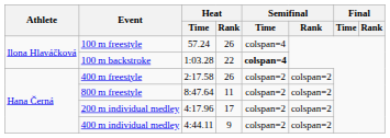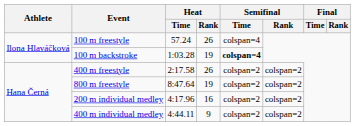 <table class=wikitable style=font-size:90%;text-align:center>
 <tr>
 <th rowspan=2>Athlete</th>
 <th rowspan=2>Event</th>
 <th colspan=2>Heat</th>
 <th colspan=2>Semifinal</th>
 <th colspan=2>Final</th>
 </tr>
 <tr style=font-size:95%>
 <th>Time</th>
 <th>Rank</th>
 <th>Time</th>
 <th>Rank</th>
 <th>Time</th>
 <th>Rank</th>
 </tr>
 <tr>
 <td align=left rowspan=2><a href='#'>Ilona Hlaváčková</a></td>
 <td align=left><a href='#'>100 m freestyle</a></td>
 <td>57.24</td>
 <td>26</td>
 <td>colspan=4 </td>
 </tr>
 <tr>
 <td align=left><a href='#'>100 m backstroke</a></td>
 <td>1:03.28</td>
-<td>22</td>
+<td>19</td>
 <td><strong>colspan=4 </strong></td>
 </tr>
 <tr>
 <td align=left rowspan=4><a href='#'>Hana Černá</a></td>
 <td align=left><a href='#'>400 m freestyle</a></td>
 <td>2:17.58</td>
 <td>26</td>
 <td>colspan=2 </td>
 <td>colspan=2 </td>
 </tr>
 <tr>
 <td align=left><a href='#'>800 m freestyle</a></td>
 <td>8:47.64</td>
-<td>11</td>
+<td>19</td>
 <td>colspan=2 </td>
 <td>colspan=2 </td>
 </tr>
 <tr>
 <td align=left><a href='#'>200 m individual medley</a></td>
 <td>4:17.96</td>
-<td>17</td>
+<td>16</td>
 <td>colspan=2 </td>
 <td>colspan=2 </td>
 </tr>
 <tr>
 <td align=left><a href='#'>400 m individual medley</a></td>
 <td>4:44.11</td>
 <td>9</td>
 <td>colspan=2 </td>
 <td>colspan=2 </td>
 </tr>
 </table>
